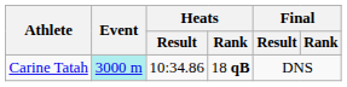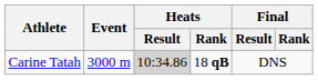 <table class="wikitable" style="font-size:90%">
 <tr>
 <th rowspan=2>Athlete</th>
 <th rowspan=2>Event</th>
 <th colspan=2>Heats</th>
 <th colspan=2>Final</th>
 </tr>
 <tr style="font-size:95%">
 <th>Result</th>
 <th>Rank</th>
 <th>Result</th>
 <th>Rank</th>
 </tr>
 <tr align=center>
 <td align=left><a href='#'>Carine Tatah</a></td>
-<td align=left style="background: paleturquoise;"><a href='#'>3000 m</a></td>
-<td>10:34.86</td>
+<td align=left><a href='#'>3000 m</a></td>
+<td style="background: lightgrey;">10:34.86</td>
 <td>18 <strong>qB</strong></td>
 <td colspan=2>DNS</td>
 </tr>
 </table>
